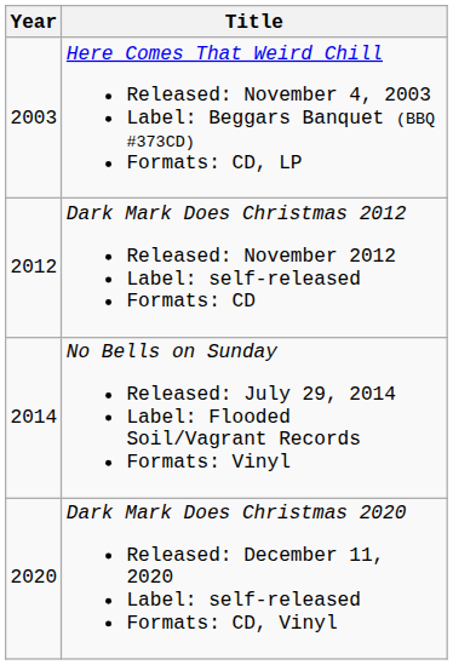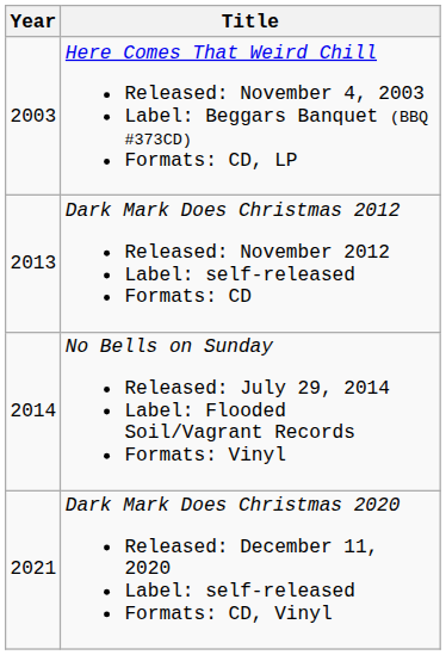 <table class="wikitable">
 <tr>
 <th>Year</th>
 <th style="width:250px;">Title</th>
 </tr>
 <tr>
 <td>2003</td>
 <td><em><a href='#'>Here Comes That Weird Chill</a></em><br><ul><li>Released: November 4, 2003</li><li>Label: Beggars Banquet <small>(BBQ #373CD)</small></li><li>Formats: CD, LP</li></ul></td>
 </tr>
 <tr>
-<td>2012</td>
+<td>2013</td>
 <td><em>Dark Mark Does Christmas 2012</em><br><ul><li>Released: November 2012</li><li>Label: self-released</li><li>Formats: CD</li></ul></td>
 </tr>
 <tr>
 <td>2014</td>
 <td><em>No Bells on Sunday</em><br><ul><li>Released: July 29, 2014</li><li>Label: Flooded Soil/Vagrant Records</li><li>Formats: Vinyl</li></ul></td>
 </tr>
 <tr>
-<td>2020</td>
+<td>2021</td>
 <td><em>Dark Mark Does Christmas 2020</em><br><ul><li>Released: December 11, 2020</li><li>Label: self-released</li><li>Formats: CD, Vinyl</li></ul></td>
 </tr>
 </table>
